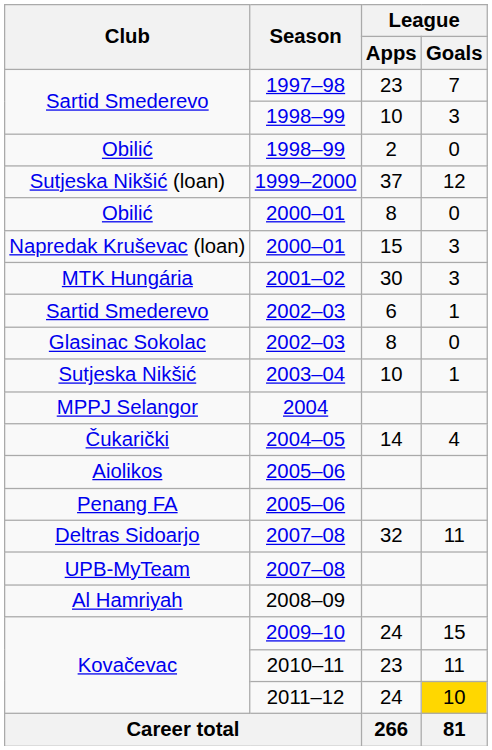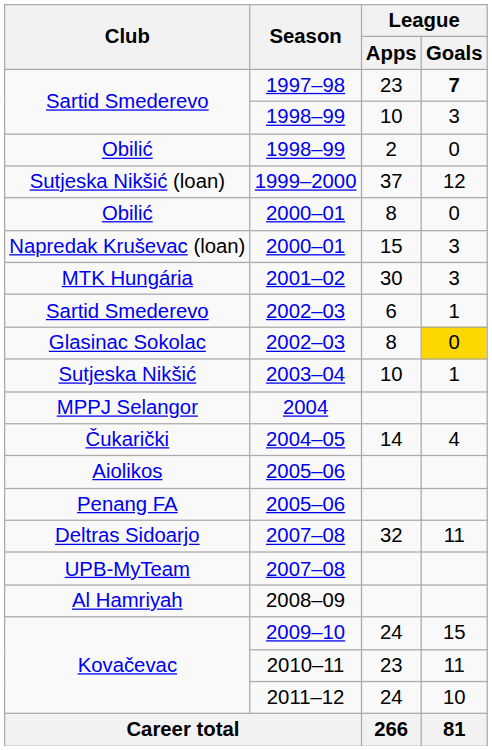 <table class="wikitable" style="text-align:center">
 <tr>
 <th rowspan="2">Club</th>
 <th rowspan="2">Season</th>
 <th colspan="2">League</th>
 </tr>
 <tr>
 <th>Apps</th>
 <th>Goals</th>
 </tr>
 <tr>
 <td rowspan="2"><a href='#'>Sartid Smederevo</a></td>
 <td><a href='#'>1997–98</a></td>
 <td>23</td>
-<td>7</td>
+<td><strong>7</strong></td>
 </tr>
 <tr>
 <td><a href='#'>1998–99</a></td>
 <td>10</td>
 <td>3</td>
 </tr>
 <tr>
 <td><a href='#'>Obilić</a></td>
 <td><a href='#'>1998–99</a></td>
 <td>2</td>
 <td>0</td>
 </tr>
 <tr>
 <td><a href='#'>Sutjeska Nikšić</a> (loan)</td>
 <td><a href='#'>1999–2000</a></td>
 <td>37</td>
 <td>12</td>
 </tr>
 <tr>
 <td><a href='#'>Obilić</a></td>
 <td><a href='#'>2000–01</a></td>
 <td>8</td>
 <td>0</td>
 </tr>
 <tr>
 <td><a href='#'>Napredak Kruševac</a> (loan)</td>
 <td><a href='#'>2000–01</a></td>
 <td>15</td>
 <td>3</td>
 </tr>
 <tr>
 <td><a href='#'>MTK Hungária</a></td>
 <td><a href='#'>2001–02</a></td>
 <td>30</td>
 <td>3</td>
 </tr>
 <tr>
 <td><a href='#'>Sartid Smederevo</a></td>
 <td><a href='#'>2002–03</a></td>
 <td>6</td>
 <td>1</td>
 </tr>
 <tr>
 <td><a href='#'>Glasinac Sokolac</a></td>
 <td><a href='#'>2002–03</a></td>
 <td>8</td>
-<td>0</td>
+<td style="background: gold;">0</td>
 </tr>
 <tr>
 <td><a href='#'>Sutjeska Nikšić</a></td>
 <td><a href='#'>2003–04</a></td>
 <td>10</td>
 <td>1</td>
 </tr>
 <tr>
 <td><a href='#'>MPPJ Selangor</a></td>
 <td><a href='#'>2004</a></td>
 <td></td>
 <td></td>
 </tr>
 <tr>
 <td><a href='#'>Čukarički</a></td>
 <td><a href='#'>2004–05</a></td>
 <td>14</td>
 <td>4</td>
 </tr>
 <tr>
 <td><a href='#'>Aiolikos</a></td>
 <td><a href='#'>2005–06</a></td>
 <td></td>
 <td></td>
 </tr>
 <tr>
 <td><a href='#'>Penang FA</a></td>
 <td><a href='#'>2005–06</a></td>
 <td></td>
 <td></td>
 </tr>
 <tr>
 <td><a href='#'>Deltras Sidoarjo</a></td>
 <td><a href='#'>2007–08</a></td>
 <td>32</td>
 <td>11</td>
 </tr>
 <tr>
 <td><a href='#'>UPB-MyTeam</a></td>
 <td><a href='#'>2007–08</a></td>
 <td></td>
 <td></td>
 </tr>
 <tr>
 <td><a href='#'>Al Hamriyah</a></td>
 <td>2008–09</td>
 <td></td>
 <td></td>
 </tr>
 <tr>
 <td rowspan="3"><a href='#'>Kovačevac</a></td>
 <td><a href='#'>2009–10</a></td>
 <td>24</td>
 <td>15</td>
 </tr>
 <tr>
 <td>2010–11</td>
 <td>23</td>
 <td>11</td>
 </tr>
 <tr>
 <td>2011–12</td>
 <td>24</td>
-<td style="background: gold;">10</td>
+<td>10</td>
 </tr>
 <tr>
 <th colspan="2">Career total</th>
 <th>266</th>
 <th>81</th>
 </tr>
 </table>
